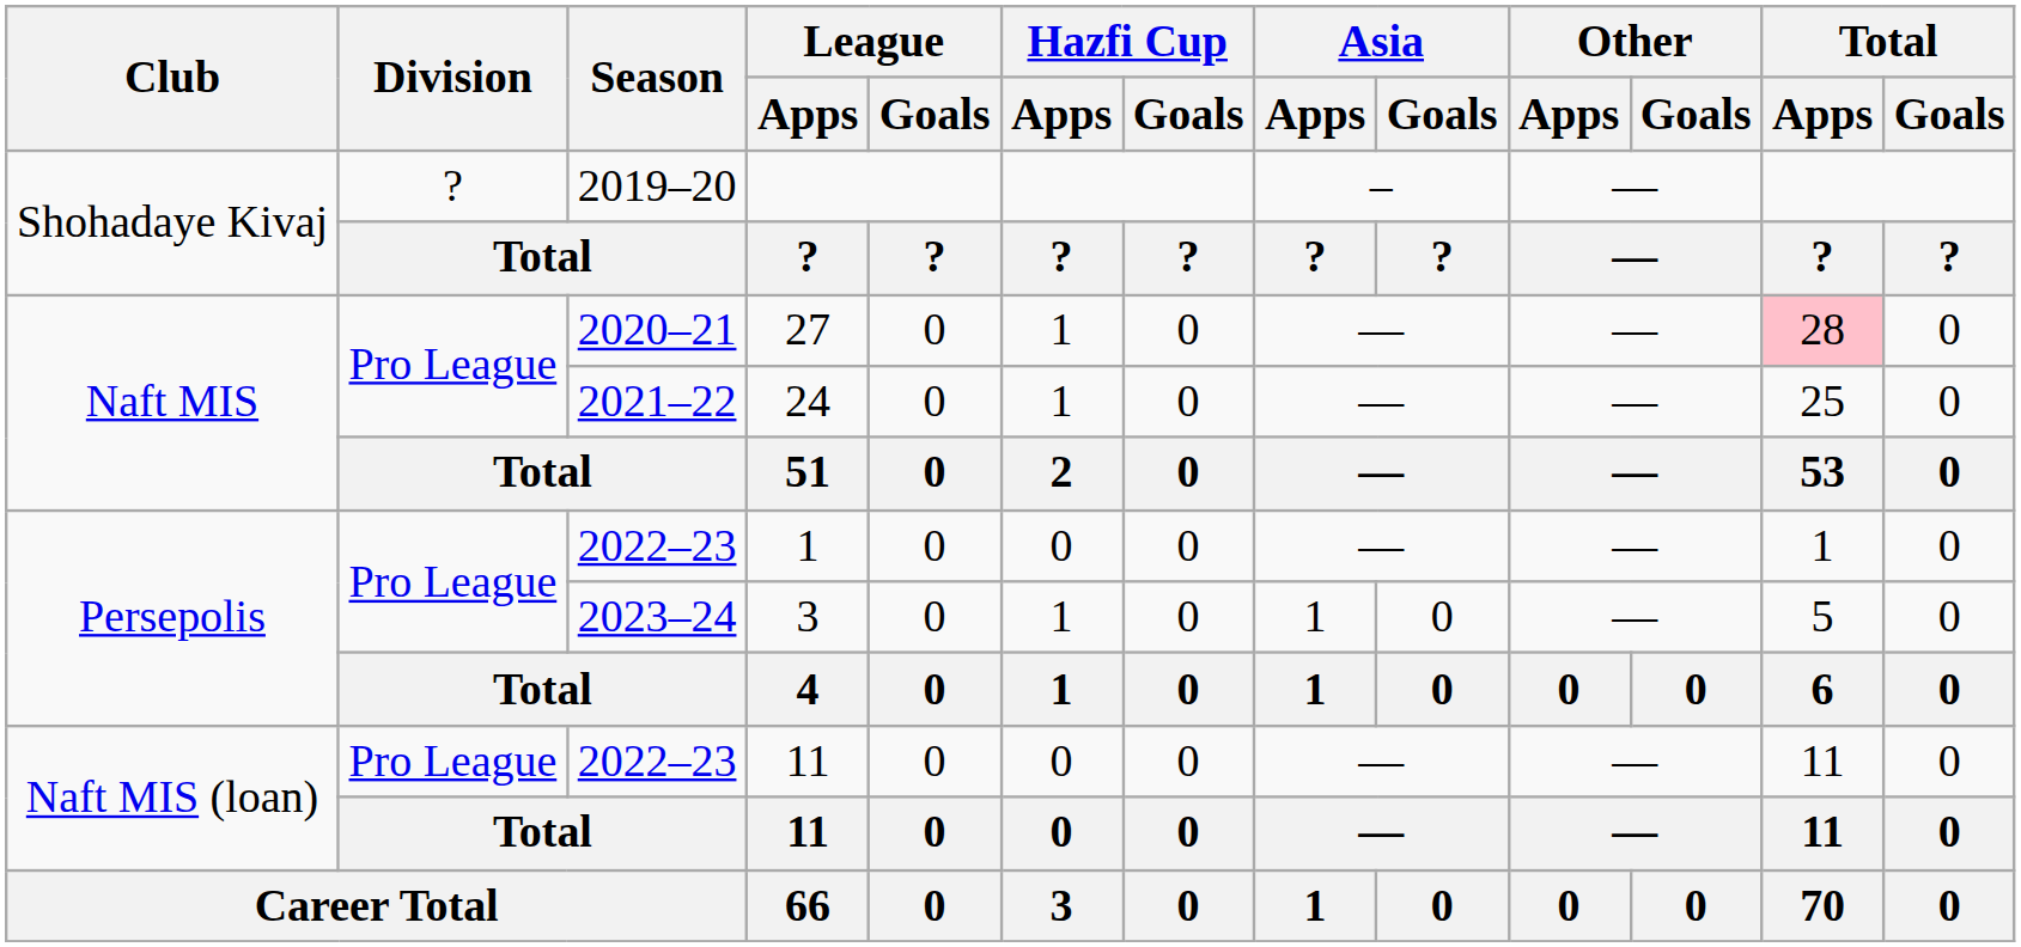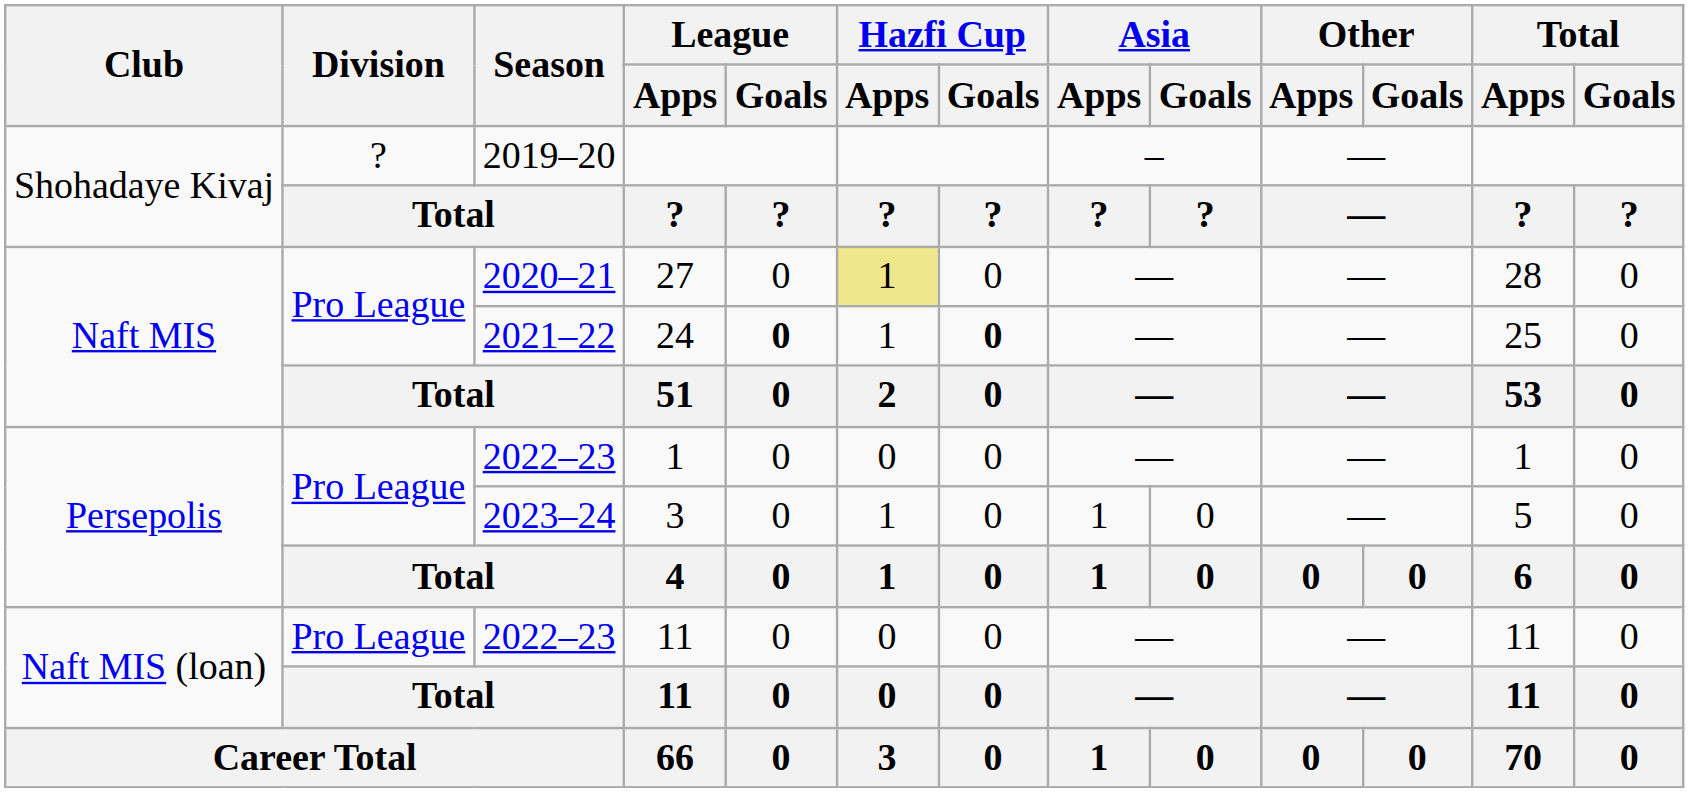 <table class="wikitable" style="text-align: center;">
 <tr>
 <th rowspan=2>Club</th>
 <th rowspan=2>Division</th>
 <th rowspan=2>Season</th>
 <th colspan=2>League</th>
 <th colspan=2><a href='#'>Hazfi Cup</a></th>
 <th colspan=2><a href='#'>Asia</a></th>
 <th colspan=2>Other</th>
 <th colspan=2>Total</th>
 </tr>
 <tr>
 <th>Apps</th>
 <th>Goals</th>
 <th>Apps</th>
 <th>Goals</th>
 <th>Apps</th>
 <th>Goals</th>
 <th>Apps</th>
 <th>Goals</th>
 <th>Apps</th>
 <th>Goals</th>
 </tr>
 <tr>
 <td rowspan=2>Shohadaye Kivaj</td>
 <td rowspan="1">?</td>
 <td>2019–20</td>
 <td colspan="2"><em></em></td>
 <td colspan="2"><em></em></td>
 <td colspan="2">–</td>
 <td colspan="2">—</td>
 <td colspan="2"><em></em></td>
 </tr>
 <tr>
 <th colspan=2>Total</th>
 <th>?</th>
 <th>?</th>
 <th>?</th>
 <th>?</th>
 <th>?</th>
 <th>?</th>
 <th colspan=2>—</th>
 <th>?</th>
 <th>?</th>
 </tr>
 <tr>
 <td rowspan="3"><a href='#'>Naft MIS</a></td>
 <td rowspan="2"><a href='#'>Pro League</a></td>
 <td><a href='#'>2020–21</a></td>
 <td>27</td>
 <td>0</td>
-<td>1</td>
+<td style="background: khaki;">1</td>
 <td>0</td>
 <td colspan=2>—</td>
 <td colspan=2>—</td>
-<td style="background: pink;">28</td>
+<td>28</td>
 <td>0</td>
 </tr>
 <tr>
 <td><a href='#'>2021–22</a></td>
 <td>24</td>
-<td>0</td>
+<td><strong>0</strong></td>
 <td>1</td>
-<td>0</td>
+<td><strong>0</strong></td>
 <td colspan=2>—</td>
 <td colspan=2>—</td>
 <td>25</td>
 <td>0</td>
 </tr>
 <tr>
 <th colspan=2>Total</th>
 <th>51</th>
 <th>0</th>
 <th>2</th>
 <th>0</th>
 <th colspan=2>—</th>
 <th colspan=2>—</th>
 <th>53</th>
 <th>0</th>
 </tr>
 <tr>
 <td rowspan="3"><a href='#'>Persepolis</a></td>
 <td rowspan="2"><a href='#'>Pro League</a></td>
 <td><a href='#'>2022–23</a></td>
 <td>1</td>
 <td>0</td>
 <td>0</td>
 <td>0</td>
 <td colspan=2>—</td>
 <td colspan=2>—</td>
 <td>1</td>
 <td>0</td>
 </tr>
 <tr>
 <td><a href='#'>2023–24</a></td>
 <td>3</td>
 <td>0</td>
 <td>1</td>
 <td>0</td>
 <td>1</td>
 <td>0</td>
 <td colspan="2">—</td>
 <td>5</td>
 <td>0</td>
 </tr>
 <tr>
 <th colspan=2>Total</th>
 <th>4</th>
 <th>0</th>
 <th>1</th>
 <th>0</th>
 <th>1</th>
 <th>0</th>
 <th>0</th>
 <th>0</th>
 <th>6</th>
 <th>0</th>
 </tr>
 <tr>
 <td rowspan="2"><a href='#'>Naft MIS</a> (loan)</td>
 <td><a href='#'>Pro League</a></td>
 <td><a href='#'>2022–23</a></td>
 <td>11</td>
 <td>0</td>
 <td>0</td>
 <td>0</td>
 <td colspan="2">—</td>
 <td colspan="2">—</td>
 <td>11</td>
 <td>0</td>
 </tr>
 <tr>
 <th colspan="2">Total</th>
 <th>11</th>
 <th>0</th>
 <th>0</th>
 <th>0</th>
 <th colspan="2">—</th>
 <th colspan="2">—</th>
 <th>11</th>
 <th>0</th>
 </tr>
 <tr>
 <th colspan="3">Career Total</th>
 <th>66</th>
 <th>0</th>
 <th>3</th>
 <th>0</th>
 <th>1</th>
 <th>0</th>
 <th>0</th>
 <th>0</th>
 <th>70</th>
 <th>0</th>
 </tr>
 </table>
